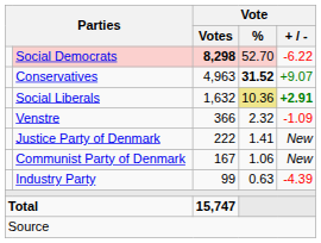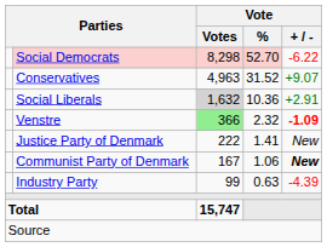 <table class="wikitable" style="text-align:right;">
 <tr>
 <th style="text-align:centre;" rowspan="2" colspan="2" width="225">Parties</th>
 <th colspan="3">Vote</th>
 </tr>
 <tr>
 <th width="15">Votes</th>
 <th width="15">%</th>
 <th width="15">+ / -</th>
 </tr>
 <tr>
 <td width="2" style="color:inherit;background:"></td>
 <td bgcolor=#fbd0ce  align="left"><a href='#'>Social Democrats</a></td>
-<td bgcolor=#fbd0ce><strong>8,298</strong></td>
+<td bgcolor=#fbd0ce>8,298</td>
 <td bgcolor=#fbd0ce>52.70</td>
 <td style=color:red;>-6.22</td>
 </tr>
 <tr>
 <td width="2" style="color:inherit;background:"></td>
 <td align="left"><a href='#'>Conservatives</a></td>
 <td>4,963</td>
-<td><strong>31.52</strong></td>
+<td>31.52</td>
 <td style=color:green;>+9.07</td>
 </tr>
 <tr>
 <td width="2" style="color:inherit;background:"></td>
 <td align="left"><a href='#'>Social Liberals</a></td>
-<td>1,632</td>
-<td style="background: khaki;">10.36</td>
-<td style=color:green;><strong>+2.91</strong></td>
+<td style="background: lightgrey;">1,632</td>
+<td>10.36</td>
+<td style=color:green;>+2.91</td>
 </tr>
 <tr>
 <td width="2" style="color:inherit;background:"></td>
 <td align="left"><a href='#'>Venstre</a></td>
-<td>366</td>
+<td style="background: lightgreen;">366</td>
 <td>2.32</td>
-<td style=color:red;>-1.09</td>
+<td style=color:red;><strong>-1.09</strong></td>
 </tr>
 <tr>
 <td width="2" style="color:inherit;background:"></td>
 <td align="left"><a href='#'>Justice Party of Denmark</a></td>
 <td>222</td>
 <td>1.41</td>
 <td><em>New</em></td>
 </tr>
 <tr>
 <td width="2" style="color:inherit;background:"></td>
 <td align="left"><a href='#'>Communist Party of Denmark</a></td>
 <td>167</td>
 <td>1.06</td>
-<td><em>New</em></td>
+<td><strong><em>New</em></strong></td>
 </tr>
 <tr>
 <td width="2" style="color:inherit;background:"></td>
 <td align="left"><a href='#'>Industry Party</a></td>
 <td>99</td>
 <td>0.63</td>
 <td style=color:red;>-4.39</td>
 </tr>
 <tr>
 <td colspan="7" bgcolor="#E9E9E9"></td>
 </tr>
 <tr>
 <td align="left" colspan="2"><strong>Total</strong></td>
 <td><strong>15,747</strong></td>
 <td bgcolor="#E9E9E9" colspan="2"></td>
 </tr>
 <tr>
 <td align="left" colspan="6">Source</td>
 </tr>
 </table>
